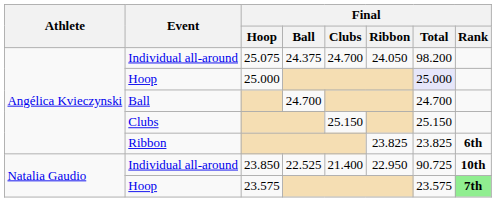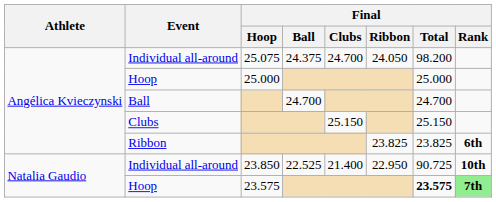 <table class="wikitable" style="font-size:90%">
 <tr>
 <th rowspan="2">Athlete</th>
 <th rowspan="2">Event</th>
 <th colspan="6">Final</th>
 </tr>
 <tr>
 <th>Hoop</th>
 <th>Ball</th>
 <th>Clubs</th>
 <th>Ribbon</th>
 <th>Total</th>
 <th>Rank</th>
 </tr>
 <tr>
 <td rowspan=5><a href='#'>Angélica Kvieczynski</a></td>
 <td><a href='#'>Individual all-around</a></td>
 <td align=center>25.075</td>
 <td align=center>24.375</td>
 <td align=center>24.700</td>
 <td align=center>24.050</td>
 <td align=center>98.200</td>
 <td align=center></td>
 </tr>
 <tr>
 <td><a href='#'>Hoop</a></td>
 <td align=center>25.000</td>
 <td colspan=3 bgcolor=wheat></td>
-<td align=center style="background: lavender;">25.000</td>
+<td align=center>25.000</td>
 <td align=center></td>
 </tr>
 <tr>
 <td><a href='#'>Ball</a></td>
 <td bgcolor=wheat></td>
 <td align=center>24.700</td>
 <td colspan=2 bgcolor=wheat></td>
 <td align=center>24.700</td>
 <td align=center></td>
 </tr>
 <tr>
 <td><a href='#'>Clubs</a></td>
 <td colspan=2 bgcolor=wheat></td>
 <td align=center>25.150</td>
 <td bgcolor=wheat></td>
 <td align=center>25.150</td>
 <td align=center></td>
 </tr>
 <tr>
 <td><a href='#'>Ribbon</a></td>
 <td colspan=3 bgcolor=wheat></td>
 <td align=center>23.825</td>
 <td align=center>23.825</td>
 <td align=center><strong>6th</strong></td>
 </tr>
 <tr>
 <td rowspan=2><a href='#'>Natalia Gaudio</a></td>
 <td><a href='#'>Individual all-around</a></td>
 <td align=center>23.850</td>
 <td align=center>22.525</td>
 <td align=center>21.400</td>
 <td align=center>22.950</td>
 <td align=center>90.725</td>
 <td align=center><strong>10th</strong></td>
 </tr>
 <tr>
 <td><a href='#'>Hoop</a></td>
 <td align=center>23.575</td>
 <td colspan=3 bgcolor=wheat></td>
-<td align=center>23.575</td>
+<td align=center><strong>23.575</strong></td>
 <td align=center style="background: lightgreen;"><strong>7th</strong></td>
 </tr>
 </table>
